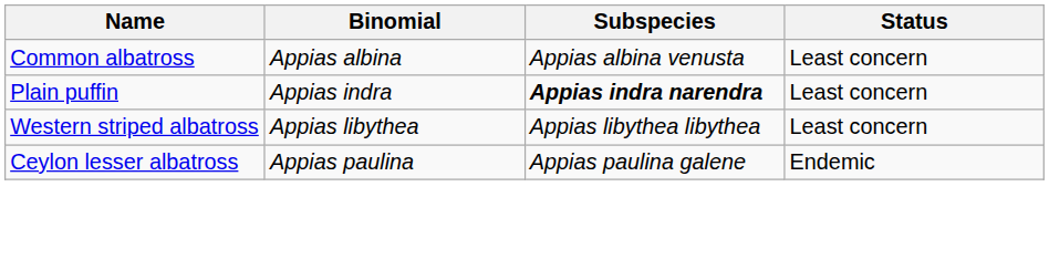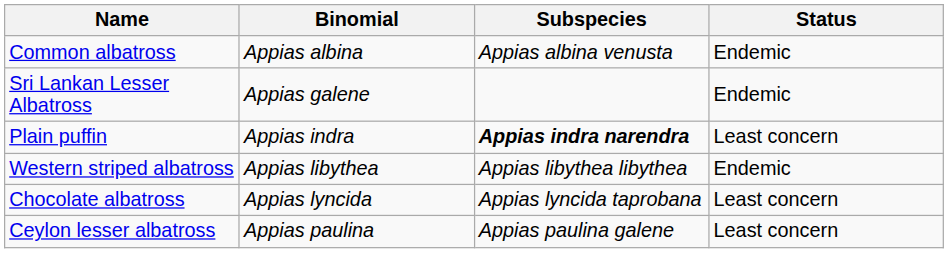 <table width=60% class="wikitable">
 <tr>
 <th width=20%>Name</th>
 <th width=20%>Binomial</th>
 <th width=20%>Subspecies</th>
 <th width=20%>Status</th>
 </tr>
 <tr>
 <td><a href='#'>Common albatross</a><br></td>
 <td><em>Appias albina</em></td>
 <td><em>Appias albina venusta</em></td>
-<td>Least concern</td>
+<td>Endemic</td>
+</tr>
+<tr>
+<td><a href='#'>Sri Lankan Lesser Albatross</a></td>
+<td><em>Appias galene</em></td>
+<td></td>
+<td>Endemic</td>
 </tr>
 <tr>
 <td><a href='#'>Plain puffin</a><br></td>
 <td><em>Appias indra</em></td>
 <td><strong><em>Appias indra narendra</em></strong></td>
 <td>Least concern</td>
 </tr>
 <tr>
 <td><a href='#'>Western striped albatross</a><br> </td>
 <td><em>Appias libythea</em></td>
 <td><em>Appias libythea libythea</em></td>
+<td>Endemic</td>
+</tr>
+<tr>
+<td><a href='#'>Chocolate albatross</a><br></td>
+<td><em>Appias lyncida</em></td>
+<td><em>Appias lyncida taprobana</em></td>
 <td>Least concern</td>
 </tr>
 <tr>
 <td><a href='#'>Ceylon lesser albatross</a><br> </td>
 <td><em>Appias paulina</em></td>
 <td><em>Appias paulina galene</em></td>
-<td>Endemic</td>
+<td>Least concern</td>
 </tr>
 </table>
